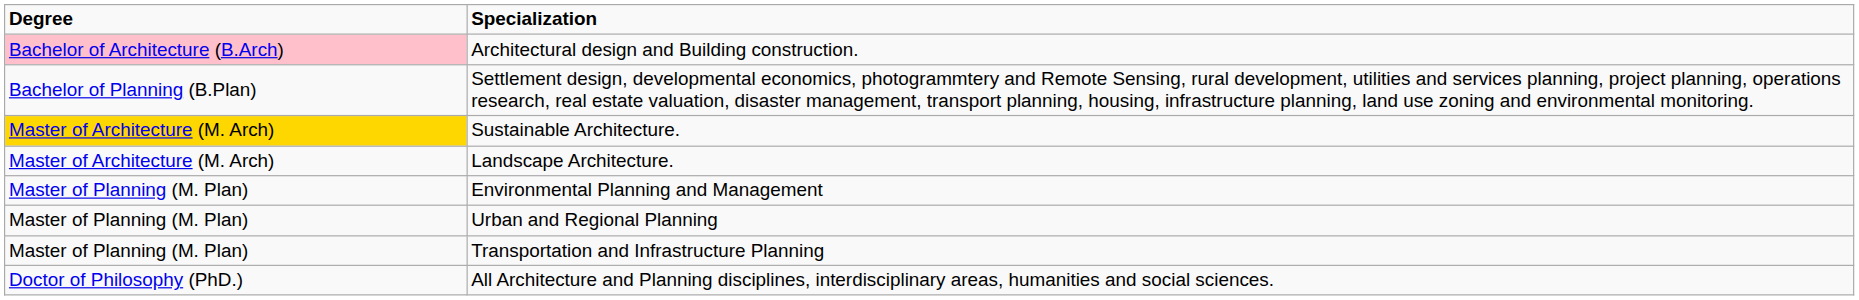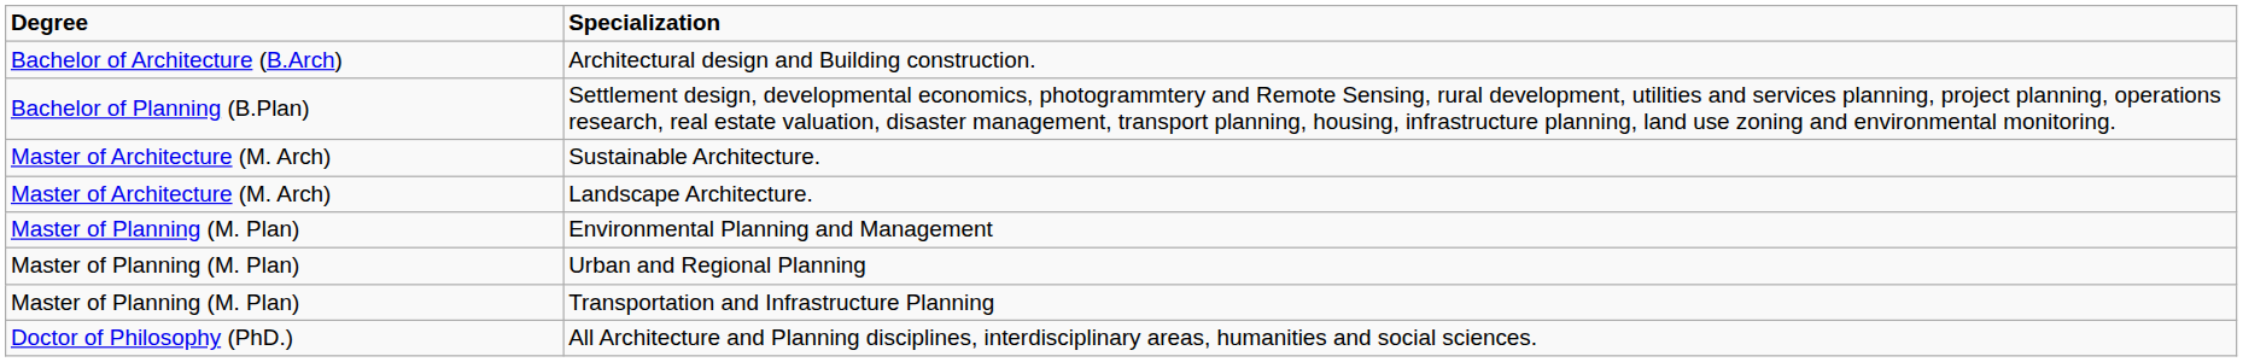 <table class="wikitable">
 <tr>
 <td style="width:25%;"><strong>Degree</strong></td>
 <td><strong>Specialization</strong></td>
 </tr>
 <tr>
-<td style="background: pink; width:25%;"><a href='#'>Bachelor of Architecture</a> (<a href='#'>B.Arch</a>)</td>
+<td style="width:25%;"><a href='#'>Bachelor of Architecture</a> (<a href='#'>B.Arch</a>)</td>
 <td>Architectural design and Building construction.</td>
 </tr>
 <tr>
 <td style="width:25%;"><a href='#'>Bachelor of Planning</a> (B.Plan)</td>
 <td>Settlement design, developmental economics, photogrammtery and Remote Sensing, rural development, utilities and services planning, project planning, operations research, real estate valuation, disaster management, transport planning, housing, infrastructure planning, land use zoning and environmental monitoring.</td>
 </tr>
 <tr>
-<td style="background: gold; width:25%;"><a href='#'>Master of Architecture</a> (M. Arch)</td>
+<td style="width:25%;"><a href='#'>Master of Architecture</a> (M. Arch)</td>
 <td>Sustainable Architecture.</td>
 </tr>
 <tr>
 <td style="width:25%;"><a href='#'>Master of Architecture</a> (M. Arch)</td>
 <td>Landscape Architecture.</td>
 </tr>
 <tr>
 <td style="width:25%;"><a href='#'>Master of Planning</a> (M. Plan)</td>
 <td>Environmental Planning and Management</td>
 </tr>
 <tr>
 <td>Master of Planning (M. Plan)</td>
 <td>Urban and Regional Planning</td>
 </tr>
 <tr>
 <td>Master of Planning (M. Plan)</td>
 <td>Transportation and Infrastructure Planning</td>
 </tr>
 <tr>
 <td style="width:25%;"><a href='#'>Doctor of Philosophy</a> (PhD.)</td>
 <td>All Architecture and Planning disciplines, interdisciplinary areas, humanities and social sciences.</td>
 </tr>
 </table>
